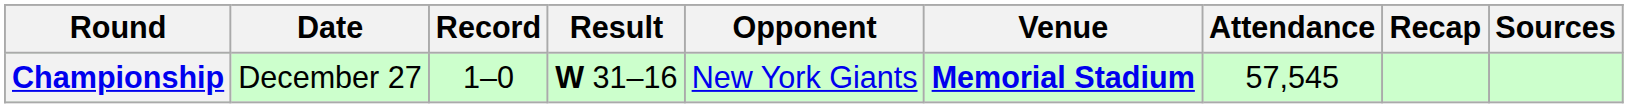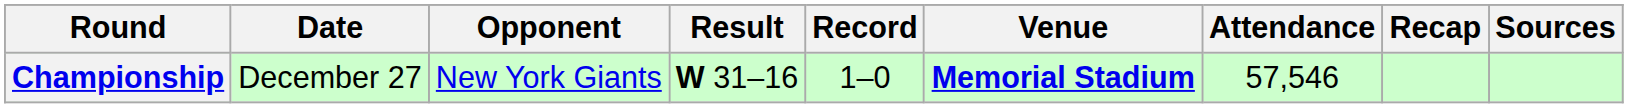 <table class="wikitable" style="text-align:center">
 <tr>
 <th>Round</th>
 <th>Date</th>
+<th>Opponent</th>
+<th>Result</th>
 <th>Record</th>
-<th>Result</th>
-<th>Opponent</th>
 <th>Venue</th>
 <th>Attendance</th>
 <th>Recap</th>
 <th>Sources</th>
 </tr>
 <tr style="background:#cfc">
 <th><a href='#'>Championship</a></th>
 <td>December 27</td>
+<td><a href='#'>New York Giants</a></td>
+<td><strong>W</strong> 31–16</td>
 <td>1–0</td>
-<td><strong>W</strong> 31–16</td>
-<td><a href='#'>New York Giants</a></td>
 <td><strong><a href='#'>Memorial Stadium</a></strong></td>
-<td>57,545</td>
+<td>57,546</td>
 <td></td>
 <td></td>
 </tr>
 </table>
